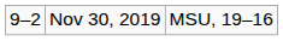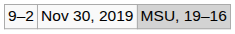 <table class="wikitable">
 <tr align="center">
 </tr>
 <tr align="center">
 <td>9–2</td>
 <td>Nov 30, 2019</td>
-<td>MSU, 19–16</td>
+<td style="background: lightgrey;">MSU, 19–16</td>
 </tr>
 </table>
